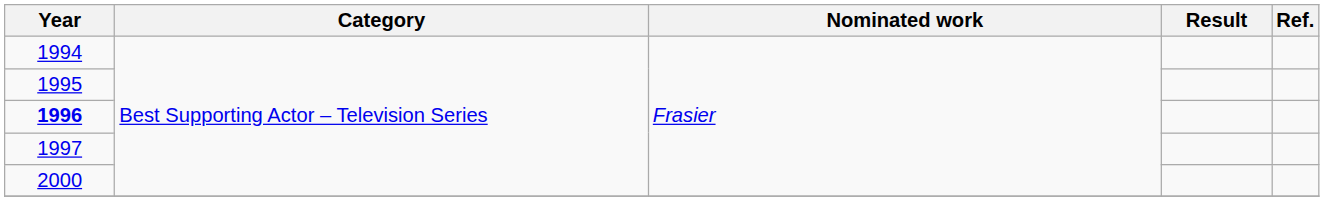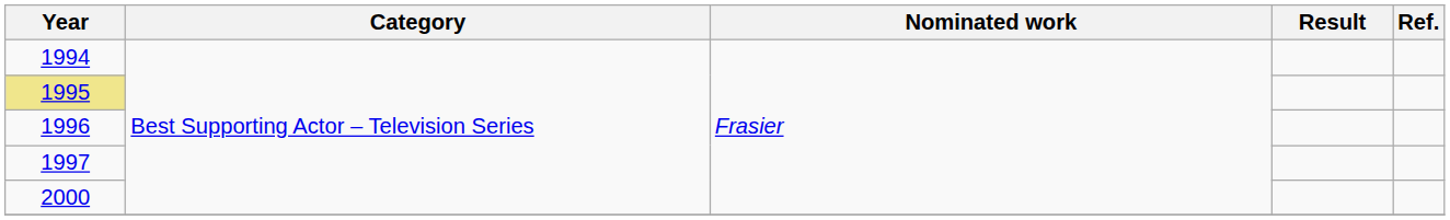 <table class=wikitable>
 <tr>
 <th scope="col" style="width:5em;">Year</th>
 <th scope="col" style="width:26em;">Category</th>
 <th scope="col" style="width:25em;">Nominated work</th>
 <th scope="col" style="width:5em;">Result</th>
 <th>Ref.</th>
 </tr>
 <tr>
 <td style="text-align:center;"><a href='#'>1994</a></td>
 <td rowspan=5><a href='#'>Best Supporting Actor – Television Series</a></td>
 <td rowspan=5><em><a href='#'>Frasier</a></em></td>
 <td></td>
 <td></td>
 </tr>
 <tr>
-<td style="text-align:center;"><a href='#'>1995</a></td>
+<td style="background: khaki; text-align:center;"><a href='#'>1995</a></td>
 <td></td>
 <td></td>
 </tr>
 <tr>
-<td style="text-align:center;"><strong><a href='#'>1996</a></strong></td>
+<td style="text-align:center;"><a href='#'>1996</a></td>
 <td></td>
 <td></td>
 </tr>
 <tr>
 <td style="text-align:center;"><a href='#'>1997</a></td>
 <td></td>
 <td></td>
 </tr>
 <tr>
 <td style="text-align:center;"><a href='#'>2000</a></td>
 <td></td>
 <td></td>
 </tr>
 <tr>
 </tr>
 </table>
